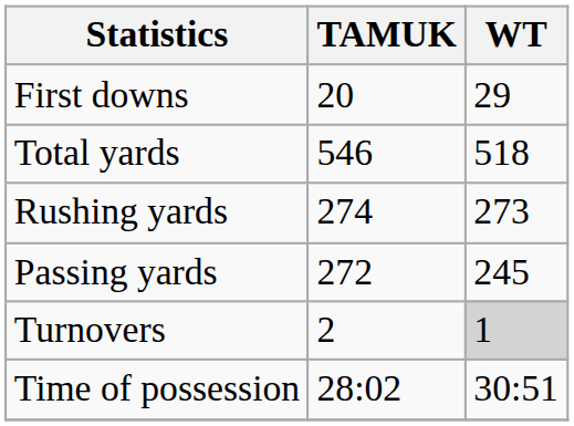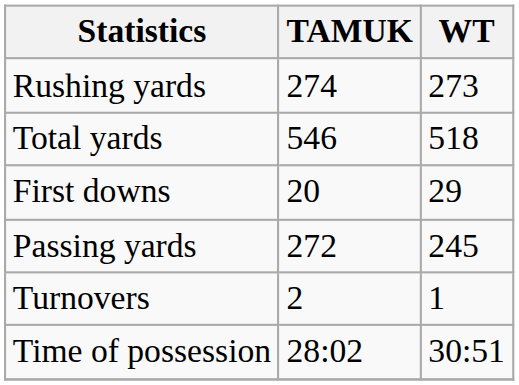 <table class="wikitable" style="float: left;">
 <tr>
 <th>Statistics</th>
 <th>TAMUK</th>
 <th>WT</th>
 </tr>
 <tr>
-<td>First downs</td>
-<td>20</td>
-<td>29</td>
+<td>Rushing yards</td>
+<td>274</td>
+<td>273</td>
 </tr>
 <tr>
 <td>Total yards</td>
 <td>546</td>
 <td>518</td>
 </tr>
 <tr>
-<td>Rushing yards</td>
-<td>274</td>
-<td>273</td>
+<td>First downs</td>
+<td>20</td>
+<td>29</td>
 </tr>
 <tr>
 <td>Passing yards</td>
 <td>272</td>
 <td>245</td>
 </tr>
 <tr>
 <td>Turnovers</td>
 <td>2</td>
-<td style="background: lightgrey;">1</td>
+<td>1</td>
 </tr>
 <tr>
 <td>Time of possession</td>
 <td>28:02</td>
 <td>30:51</td>
 </tr>
 <tr>
 </tr>
 </table>
